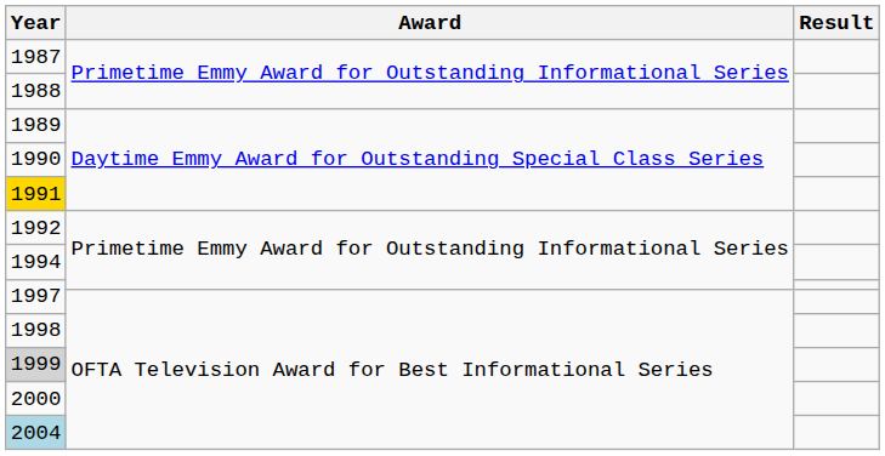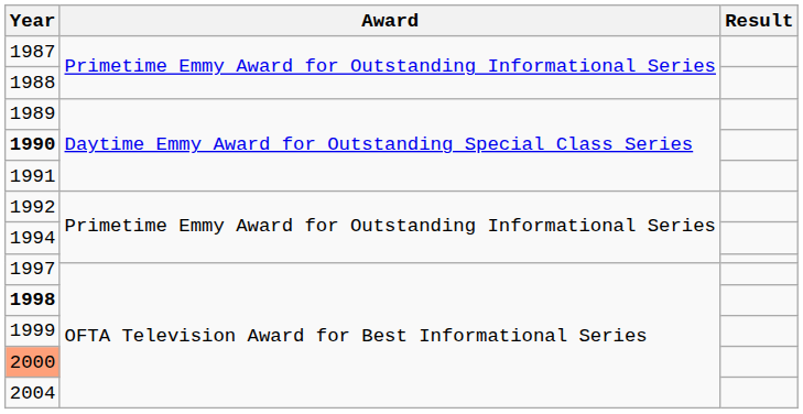 <table class="wikitable sortable">
 <tr>
 <th>Year</th>
 <th>Award</th>
 <th>Result</th>
 </tr>
 <tr>
 <td>1987</td>
 <td rowspan="2"><a href='#'>Primetime Emmy Award for Outstanding Informational Series</a></td>
 <td></td>
 </tr>
 <tr>
 <td>1988</td>
 <td></td>
 </tr>
 <tr>
 <td>1989</td>
 <td rowspan="3"><a href='#'>Daytime Emmy Award for Outstanding Special Class Series</a></td>
 <td></td>
 </tr>
 <tr>
-<td>1990</td>
+<td><strong>1990</strong></td>
 <td></td>
 </tr>
 <tr>
-<td style="background: gold;">1991</td>
+<td>1991</td>
 <td></td>
 </tr>
 <tr>
 <td>1992</td>
 <td rowspan="3">Primetime Emmy Award for Outstanding Informational Series</td>
 <td></td>
 </tr>
 <tr>
 <td>1994</td>
 <td></td>
 </tr>
 <tr>
 <td rowspan="2">1997</td>
 <td></td>
 </tr>
 <tr>
 <td rowspan="5">OFTA Television Award for Best Informational Series</td>
 <td></td>
 </tr>
 <tr>
-<td>1998</td>
+<td><strong>1998</strong></td>
 <td></td>
 </tr>
 <tr>
-<td style="background: lightgrey;">1999</td>
+<td>1999</td>
 <td></td>
 </tr>
 <tr>
-<td>2000</td>
+<td style="background: lightsalmon;">2000</td>
 <td></td>
 </tr>
 <tr>
-<td style="background: lightblue;">2004</td>
+<td>2004</td>
 <td></td>
 </tr>
 </table>
